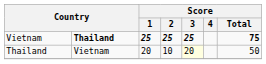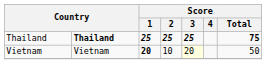 <table class="wikitable" style="font-size: 95%;" width=30%>
 <tr>
 <th rowspan=2; colspan=2>Country</th>
 <th colspan=5>Score</th>
 </tr>
 <tr>
 <th>1</th>
 <th>2</th>
 <th>3</th>
 <th>4</th>
 <th>Total</th>
 </tr>
 <tr>
-<td>Vietnam</td>
+<td>Thailand</td>
 <td> <strong>Thailand</strong></td>
 <td><strong><em>25</em></strong></td>
 <td><strong><em>25</em></strong></td>
 <td><strong><em>25</em></strong></td>
 <td></td>
 <td align="right"><strong>75</strong></td>
 </tr>
 <tr>
-<td>Thailand</td>
+<td>Vietnam</td>
 <td> Vietnam</td>
-<td>20</td>
+<td><strong>20</strong></td>
 <td>10</td>
 <td style="background: lightyellow;">20</td>
 <td></td>
 <td align="right">50</td>
 </tr>
 <tr>
 </tr>
 </table>
